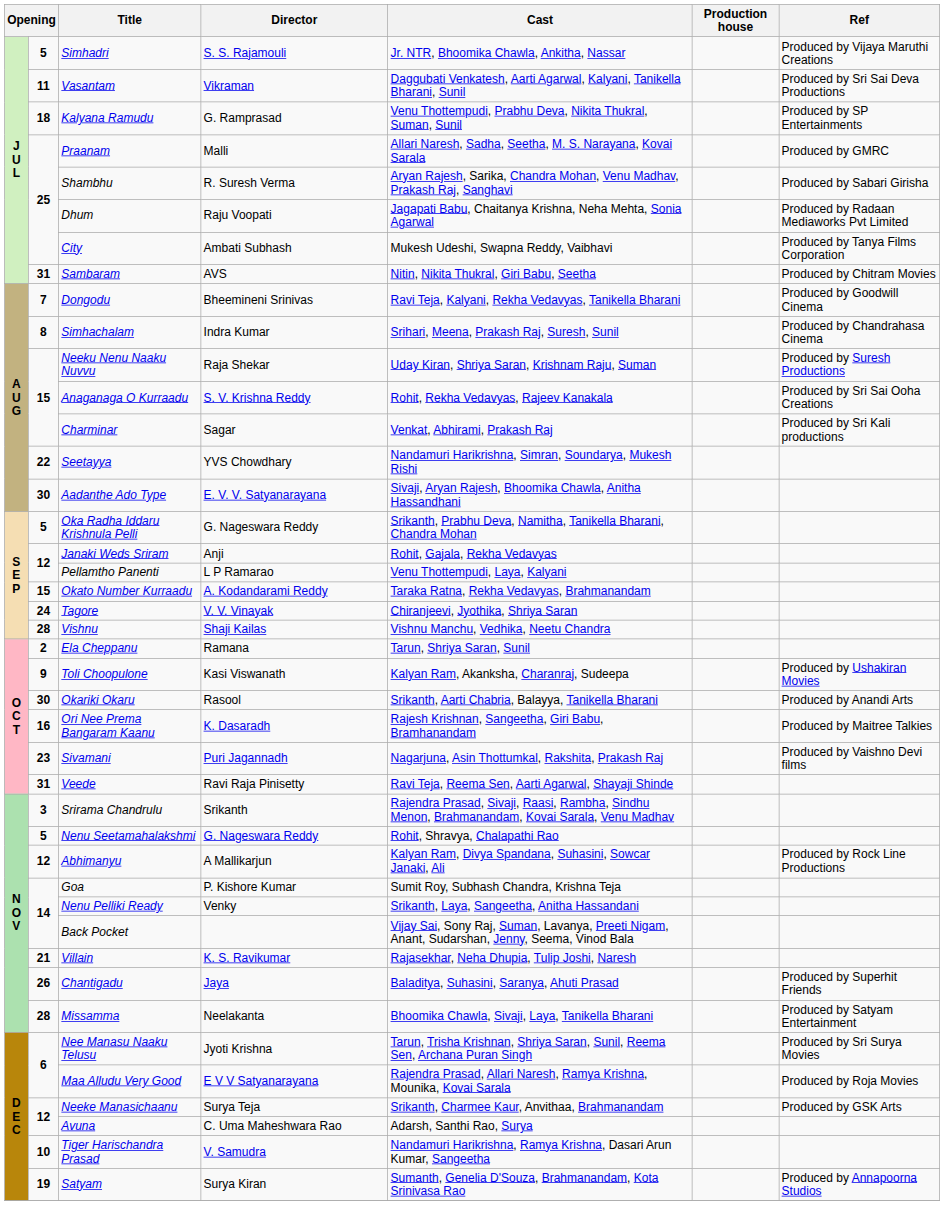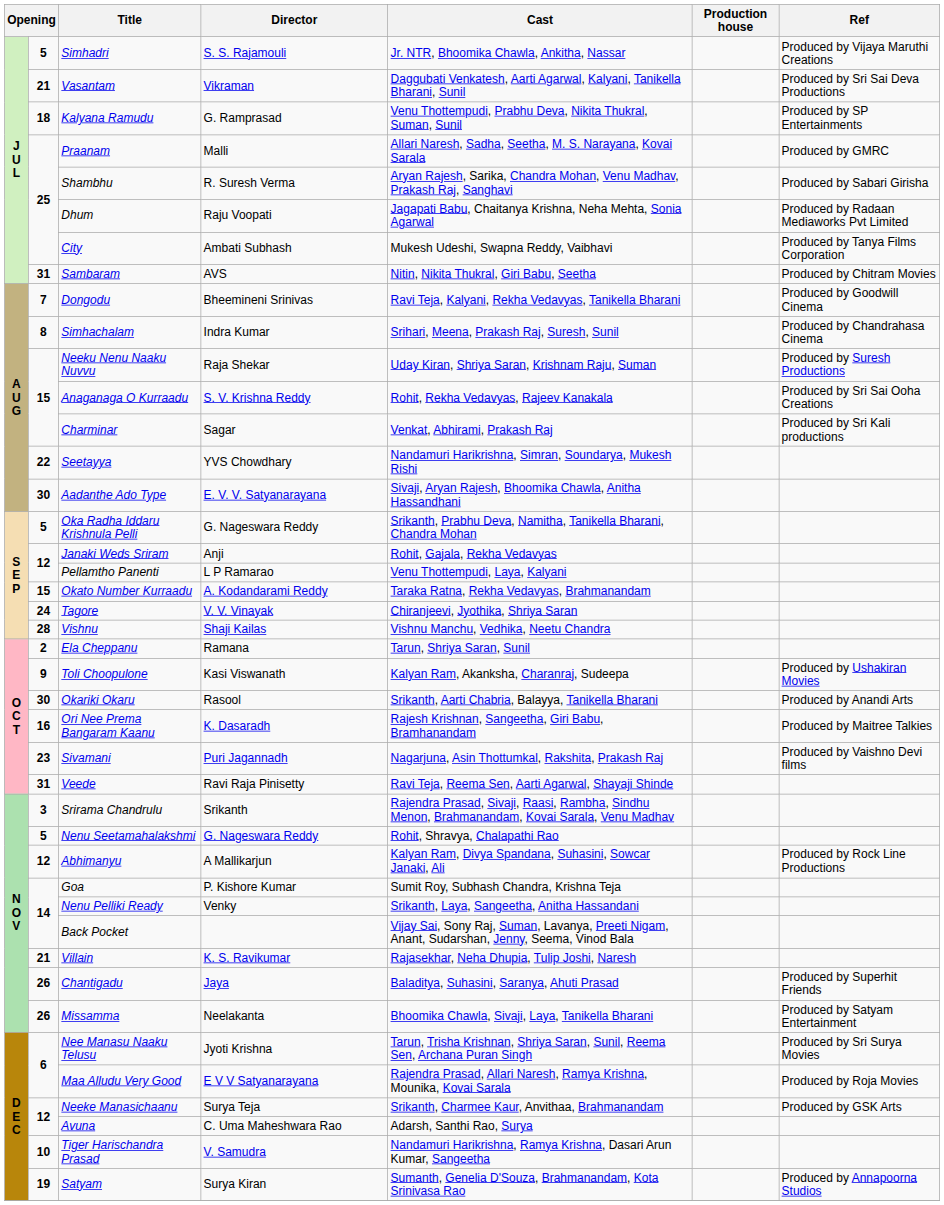 <table class="wikitable sortable">
 <tr style="background:#blue; text-align:center;">
 <th colspan="2">Opening</th>
 <th>Title</th>
 <th style="width:20%;"><strong>Director</strong></th>
 <th>Cast</th>
 <th>Production house</th>
 <th>Ref</th>
 </tr>
 <tr July!>
 <td rowspan="8" style="text-align:center; background:	#d0f0c0; textcolor:#000;"><strong>J<br>U<br>L</strong></td>
 <td rowspan="1" style="text-align:center;"><strong>5</strong></td>
 <td><em><a href='#'>Simhadri</a></em></td>
 <td><a href='#'>S. S. Rajamouli</a></td>
 <td><a href='#'>Jr. NTR</a>, <a href='#'>Bhoomika Chawla</a>, <a href='#'>Ankitha</a>, <a href='#'>Nassar</a></td>
 <td></td>
 <td>Produced by Vijaya Maruthi Creations</td>
 </tr>
 <tr>
-<td rowspan="1" style="text-align:center;"><strong>11</strong></td>
+<td rowspan="1" style="text-align:center;"><strong>21</strong></td>
 <td><em><a href='#'>Vasantam</a></em></td>
 <td><a href='#'>Vikraman</a></td>
 <td><a href='#'>Daggubati Venkatesh</a>, <a href='#'>Aarti Agarwal</a>, <a href='#'>Kalyani</a>, <a href='#'>Tanikella Bharani</a>, <a href='#'>Sunil</a></td>
 <td></td>
 <td>Produced by Sri Sai Deva Productions</td>
 </tr>
 <tr>
 <td rowspan="1" style="text-align:center;"><strong>18</strong></td>
 <td><em><a href='#'>Kalyana Ramudu</a></em></td>
 <td>G. Ramprasad</td>
 <td><a href='#'>Venu Thottempudi</a>, <a href='#'>Prabhu Deva</a>, <a href='#'>Nikita Thukral</a>, <a href='#'>Suman</a>, <a href='#'>Sunil</a></td>
 <td></td>
 <td>Produced by SP Entertainments</td>
 </tr>
 <tr>
 <td rowspan="4" style="text-align:center;"><strong>25</strong></td>
 <td><em><a href='#'>Praanam</a></em></td>
 <td>Malli</td>
 <td><a href='#'>Allari Naresh</a>, <a href='#'>Sadha</a>, <a href='#'>Seetha</a>, <a href='#'>M. S. Narayana</a>, <a href='#'>Kovai Sarala</a></td>
 <td></td>
 <td>Produced by GMRC</td>
 </tr>
 <tr>
 <td><em>Shambhu</em></td>
 <td>R. Suresh Verma</td>
 <td><a href='#'>Aryan Rajesh</a>, Sarika, <a href='#'>Chandra Mohan</a>, <a href='#'>Venu Madhav</a>, <a href='#'>Prakash Raj</a>, <a href='#'>Sanghavi</a></td>
 <td></td>
 <td>Produced by Sabari Girisha</td>
 </tr>
 <tr>
 <td><em>Dhum</em></td>
 <td>Raju Voopati</td>
 <td><a href='#'>Jagapati Babu</a>, Chaitanya Krishna, Neha Mehta, <a href='#'>Sonia Agarwal</a></td>
 <td></td>
 <td>Produced by Radaan Mediaworks Pvt Limited</td>
 </tr>
 <tr>
 <td><em><a href='#'>City</a></em></td>
 <td>Ambati Subhash</td>
 <td>Mukesh Udeshi, Swapna Reddy, Vaibhavi</td>
 <td></td>
 <td>Produced by Tanya Films Corporation</td>
 </tr>
 <tr>
 <td style="text-align:center;"><strong>31</strong></td>
 <td><em><a href='#'>Sambaram</a></em></td>
 <td>AVS</td>
 <td><a href='#'>Nitin</a>, <a href='#'>Nikita Thukral</a>, <a href='#'>Giri Babu</a>, <a href='#'>Seetha</a></td>
 <td></td>
 <td>Produced by Chitram Movies</td>
 </tr>
 <tr August!>
 <td rowspan="7" style="text-align:center; background:#c2b280;"><strong>A<br>U<br>G</strong></td>
 <td style="text-align:center;"><strong>7</strong></td>
 <td><em><a href='#'>Dongodu</a></em></td>
 <td>Bheemineni Srinivas</td>
 <td><a href='#'>Ravi Teja</a>, <a href='#'>Kalyani</a>, <a href='#'>Rekha Vedavyas</a>, <a href='#'>Tanikella Bharani</a></td>
 <td></td>
 <td>Produced by Goodwill Cinema</td>
 </tr>
 <tr>
 <td rowspan="1" style="text-align:center;"><strong>8</strong></td>
 <td><em><a href='#'>Simhachalam</a></em></td>
 <td>Indra Kumar</td>
 <td><a href='#'>Srihari</a>, <a href='#'>Meena</a>, <a href='#'>Prakash Raj</a>, <a href='#'>Suresh</a>, <a href='#'>Sunil</a></td>
 <td></td>
 <td>Produced by Chandrahasa Cinema</td>
 </tr>
 <tr>
 <td rowspan="3" style="text-align:center;"><strong>15</strong></td>
 <td><em><a href='#'>Neeku Nenu Naaku Nuvvu</a></em></td>
 <td>Raja Shekar</td>
 <td><a href='#'>Uday Kiran</a>, <a href='#'>Shriya Saran</a>, <a href='#'>Krishnam Raju</a>, <a href='#'>Suman</a></td>
 <td></td>
 <td>Produced by <a href='#'>Suresh Productions</a></td>
 </tr>
 <tr>
 <td><em><a href='#'>Anaganaga O Kurraadu</a></em></td>
 <td><a href='#'>S. V. Krishna Reddy</a></td>
 <td><a href='#'>Rohit</a>, <a href='#'>Rekha Vedavyas</a>, <a href='#'>Rajeev Kanakala</a></td>
 <td></td>
 <td>Produced by Sri Sai Ooha Creations</td>
 </tr>
 <tr>
 <td><em><a href='#'>Charminar</a></em></td>
 <td>Sagar</td>
 <td><a href='#'>Venkat</a>, <a href='#'>Abhirami</a>, <a href='#'>Prakash Raj</a></td>
 <td></td>
 <td>Produced by Sri Kali productions</td>
 </tr>
 <tr>
 <td rowspan="1" style="text-align:center;"><strong>22</strong></td>
 <td><em><a href='#'>Seetayya</a></em></td>
 <td>YVS Chowdhary</td>
 <td><a href='#'>Nandamuri Harikrishna</a>, <a href='#'>Simran</a>, <a href='#'>Soundarya</a>, <a href='#'>Mukesh Rishi</a></td>
 <td></td>
 <td></td>
 </tr>
 <tr>
 <td rowspan="1" style="text-align:center;"><strong>30</strong></td>
 <td><em><a href='#'>Aadanthe Ado Type</a></em></td>
 <td><a href='#'>E. V. V. Satyanarayana</a></td>
 <td><a href='#'>Sivaji</a>, <a href='#'>Aryan Rajesh</a>, <a href='#'>Bhoomika Chawla</a>, <a href='#'>Anitha Hassandhani</a></td>
 <td></td>
 <td></td>
 </tr>
 <tr September!>
 <td rowspan="6" style="text-align:center; background:wheat; textcolor:#000;"><strong>S<br>E<br>P</strong></td>
 <td rowspan="1" style="text-align:center;"><strong>5</strong></td>
 <td><em><a href='#'>Oka Radha Iddaru Krishnula Pelli</a></em></td>
 <td>G. Nageswara Reddy</td>
 <td><a href='#'>Srikanth</a>, <a href='#'>Prabhu Deva</a>, <a href='#'>Namitha</a>, <a href='#'>Tanikella Bharani</a>, <a href='#'>Chandra Mohan</a></td>
 <td></td>
 <td></td>
 </tr>
 <tr>
 <td rowspan="2" style="text-align:center;"><strong>12</strong></td>
 <td><em><a href='#'>Janaki Weds Sriram</a></em></td>
 <td>Anji</td>
 <td><a href='#'>Rohit</a>, <a href='#'>Gajala</a>, <a href='#'>Rekha Vedavyas</a></td>
 <td></td>
 <td></td>
 </tr>
 <tr>
 <td><em>Pellamtho Panenti</em></td>
 <td>L P Ramarao</td>
 <td><a href='#'>Venu Thottempudi</a>, <a href='#'>Laya</a>, <a href='#'>Kalyani</a></td>
 <td></td>
 <td></td>
 </tr>
 <tr>
 <td rowspan="1" style="text-align:center;"><strong>15</strong></td>
 <td><em><a href='#'>Okato Number Kurraadu</a></em></td>
 <td><a href='#'>A. Kodandarami Reddy</a></td>
 <td><a href='#'>Taraka Ratna</a>, <a href='#'>Rekha Vedavyas</a>, <a href='#'>Brahmanandam</a></td>
 <td></td>
 <td></td>
 </tr>
 <tr>
 <td rowspan="1" style="text-align:center;"><strong>24</strong></td>
 <td><em><a href='#'>Tagore</a></em></td>
 <td><a href='#'>V. V. Vinayak</a></td>
 <td><a href='#'>Chiranjeevi</a>, <a href='#'>Jyothika</a>, <a href='#'>Shriya Saran</a></td>
 <td></td>
 <td></td>
 </tr>
 <tr>
 <td rowspan="1" style="text-align:center;"><strong>28</strong></td>
 <td><em><a href='#'>Vishnu</a></em></td>
 <td><a href='#'>Shaji Kailas</a></td>
 <td><a href='#'>Vishnu Manchu</a>, <a href='#'>Vedhika</a>, <a href='#'>Neetu Chandra</a></td>
 <td></td>
 <td></td>
 </tr>
 <tr October!>
 <td rowspan="6" style="text-align:center; background:#ffb7c5;"><strong>O<br>C<br>T</strong></td>
 <td style="text-align:center;"><strong>2</strong></td>
 <td><em><a href='#'>Ela Cheppanu</a></em></td>
 <td>Ramana</td>
 <td><a href='#'>Tarun</a>, <a href='#'>Shriya Saran</a>, <a href='#'>Sunil</a></td>
 <td></td>
 <td></td>
 </tr>
 <tr>
 <td style="text-align:center;"><strong>9</strong></td>
 <td><em><a href='#'>Toli Choopulone</a></em></td>
 <td>Kasi Viswanath</td>
 <td><a href='#'>Kalyan Ram</a>, Akanksha, <a href='#'>Charanraj</a>, Sudeepa</td>
 <td></td>
 <td>Produced by <a href='#'>Ushakiran Movies</a></td>
 </tr>
 <tr>
 <td style="text-align:center;"><strong>30</strong></td>
 <td><em><a href='#'>Okariki Okaru</a></em></td>
 <td>Rasool</td>
 <td><a href='#'>Srikanth</a>, <a href='#'>Aarti Chabria</a>, Balayya, <a href='#'>Tanikella Bharani</a></td>
 <td></td>
 <td>Produced by Anandi Arts</td>
 </tr>
 <tr>
 <td style="text-align:center;"><strong>16</strong></td>
 <td><em><a href='#'>Ori Nee Prema Bangaram Kaanu</a></em></td>
 <td><a href='#'>K. Dasaradh</a></td>
 <td><a href='#'>Rajesh Krishnan</a>, <a href='#'>Sangeetha</a>, <a href='#'>Giri Babu</a>, <a href='#'>Bramhanandam</a></td>
 <td></td>
 <td>Produced by Maitree Talkies</td>
 </tr>
 <tr>
 <td style="text-align:center;"><strong>23</strong></td>
 <td><em><a href='#'>Sivamani</a></em></td>
 <td><a href='#'>Puri Jagannadh</a></td>
 <td><a href='#'>Nagarjuna</a>, <a href='#'>Asin Thottumkal</a>, <a href='#'>Rakshita</a>, <a href='#'>Prakash Raj</a></td>
 <td></td>
 <td>Produced by Vaishno Devi films</td>
 </tr>
 <tr>
 <td style="text-align:center;"><strong>31</strong></td>
 <td><em><a href='#'>Veede</a></em></td>
 <td>Ravi Raja Pinisetty</td>
 <td><a href='#'>Ravi Teja</a>, <a href='#'>Reema Sen</a>, <a href='#'>Aarti Agarwal</a>, <a href='#'>Shayaji Shinde</a></td>
 <td></td>
 <td></td>
 </tr>
 <tr November!>
 <td rowspan="9" style="text-align:center; background:#ace1af;"><strong>N<br>O<br>V</strong></td>
 <td style="text-align:center;"><strong>3</strong></td>
 <td><em>Srirama Chandrulu</em></td>
 <td>Srikanth</td>
 <td><a href='#'>Rajendra Prasad</a>, <a href='#'>Sivaji</a>, <a href='#'>Raasi</a>, <a href='#'>Rambha</a>, <a href='#'>Sindhu Menon</a>, <a href='#'>Brahmanandam</a>, <a href='#'>Kovai Sarala</a>, <a href='#'>Venu Madhav</a></td>
 <td></td>
 <td></td>
 </tr>
 <tr>
 <td rowspan="1" style="text-align:center;"><strong>5</strong></td>
 <td><em><a href='#'>Nenu Seetamahalakshmi</a></em></td>
 <td><a href='#'>G. Nageswara Reddy</a></td>
 <td><a href='#'>Rohit</a>, Shravya, <a href='#'>Chalapathi Rao</a></td>
 <td></td>
 <td></td>
 </tr>
 <tr>
 <td rowspan="1" style="text-align:center;"><strong>12</strong></td>
 <td><em><a href='#'>Abhimanyu</a></em></td>
 <td>A Mallikarjun</td>
 <td><a href='#'>Kalyan Ram</a>, <a href='#'>Divya Spandana</a>, <a href='#'>Suhasini</a>, <a href='#'>Sowcar Janaki</a>, <a href='#'>Ali</a></td>
 <td></td>
 <td>Produced by Rock Line Productions</td>
 </tr>
 <tr>
 <td rowspan="3" style="text-align:center;"><strong>14</strong></td>
 <td><em>Goa</em></td>
 <td>P. Kishore Kumar</td>
 <td>Sumit Roy, Subhash Chandra, Krishna Teja</td>
 <td></td>
 <td></td>
 </tr>
 <tr>
 <td><em><a href='#'>Nenu Pelliki Ready</a></em></td>
 <td>Venky</td>
 <td><a href='#'>Srikanth</a>, <a href='#'>Laya</a>, <a href='#'>Sangeetha</a>, <a href='#'>Anitha Hassandani</a></td>
 <td></td>
 <td></td>
 </tr>
 <tr>
 <td><em>Back Pocket</em></td>
 <td></td>
 <td><a href='#'>Vijay Sai</a>, Sony Raj, <a href='#'>Suman</a>, Lavanya, <a href='#'>Preeti Nigam</a>, Anant, Sudarshan, <a href='#'>Jenny</a>, Seema, Vinod Bala</td>
 <td></td>
 <td></td>
 </tr>
 <tr>
 <td rowspan="1" style="text-align:center;"><strong>21</strong></td>
 <td><em><a href='#'>Villain</a></em></td>
 <td><a href='#'>K. S. Ravikumar</a></td>
 <td><a href='#'>Rajasekhar</a>, <a href='#'>Neha Dhupia</a>, <a href='#'>Tulip Joshi</a>, <a href='#'>Naresh</a></td>
 <td></td>
 <td></td>
 </tr>
 <tr>
 <td rowspan="1" style="text-align:center;"><strong>26</strong></td>
 <td><em><a href='#'>Chantigadu</a></em></td>
 <td><a href='#'>Jaya</a></td>
 <td><a href='#'>Baladitya</a>, <a href='#'>Suhasini</a>, <a href='#'>Saranya</a>, <a href='#'>Ahuti Prasad</a></td>
 <td></td>
 <td>Produced by Superhit Friends</td>
 </tr>
 <tr>
-<td rowspan="1" style="text-align:center;"><strong>28</strong></td>
+<td rowspan="1" style="text-align:center;"><strong>26</strong></td>
 <td><em><a href='#'>Missamma</a></em></td>
 <td>Neelakanta</td>
 <td><a href='#'>Bhoomika Chawla</a>, <a href='#'>Sivaji</a>, <a href='#'>Laya</a>, <a href='#'>Tanikella Bharani</a></td>
 <td></td>
 <td>Produced by Satyam Entertainment</td>
 </tr>
 <tr December!>
 <td rowspan="6" style="text-align:center; background:#b8860b;"><strong>D<br>E<br>C</strong></td>
 <td rowspan="2" style="text-align:center;"><strong>6</strong></td>
 <td><em><a href='#'>Nee Manasu Naaku Telusu</a></em></td>
 <td>Jyoti Krishna</td>
 <td><a href='#'>Tarun</a>, <a href='#'>Trisha Krishnan</a>, <a href='#'>Shriya Saran</a>, <a href='#'>Sunil</a>, <a href='#'>Reema Sen</a>, <a href='#'>Archana Puran Singh</a></td>
 <td></td>
 <td>Produced by Sri Surya Movies</td>
 </tr>
 <tr>
 <td><em><a href='#'>Maa Alludu Very Good</a></em></td>
 <td><a href='#'>E V V Satyanarayana</a></td>
 <td><a href='#'>Rajendra Prasad</a>, <a href='#'>Allari Naresh</a>, <a href='#'>Ramya Krishna</a>, Mounika, <a href='#'>Kovai Sarala</a></td>
 <td></td>
 <td>Produced by Roja Movies</td>
 </tr>
 <tr>
 <td rowspan="2" style="text-align:center;"><strong>12</strong></td>
 <td><em><a href='#'>Neeke Manasichaanu</a></em></td>
 <td>Surya Teja</td>
 <td><a href='#'>Srikanth</a>, <a href='#'>Charmee Kaur</a>, Anvithaa, <a href='#'>Brahmanandam</a></td>
 <td></td>
 <td>Produced by GSK Arts</td>
 </tr>
 <tr>
 <td><em><a href='#'>Avuna</a></em></td>
 <td>C. Uma Maheshwara Rao</td>
 <td>Adarsh, Santhi Rao, <a href='#'>Surya</a></td>
 <td></td>
 <td></td>
 </tr>
 <tr>
 <td style="text-align:center;"><strong>10</strong></td>
 <td><em><a href='#'>Tiger Harischandra Prasad</a></em></td>
 <td><a href='#'>V. Samudra</a></td>
 <td><a href='#'>Nandamuri Harikrishna</a>, <a href='#'>Ramya Krishna</a>, Dasari Arun Kumar, <a href='#'>Sangeetha</a></td>
 <td></td>
 <td></td>
 </tr>
 <tr>
 <td style="text-align:center;"><strong>19</strong></td>
 <td><em><a href='#'>Satyam</a></em></td>
 <td>Surya Kiran</td>
 <td><a href='#'>Sumanth</a>, <a href='#'>Genelia D'Souza</a>, <a href='#'>Brahmanandam</a>, <a href='#'>Kota Srinivasa Rao</a></td>
 <td></td>
 <td>Produced by <a href='#'>Annapoorna Studios</a></td>
 </tr>
 <tr>
 </tr>
 </table>
